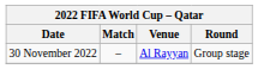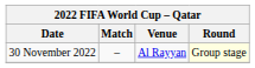 <table class="wikitable" style="margin:1em auto 1em auto; text-align:center; font-size:small;">
 <tr>
 <th colspan="4">2022 FIFA World Cup – Qatar</th>
 </tr>
 <tr>
 <th>Date</th>
 <th>Match</th>
 <th>Venue</th>
 <th>Round</th>
 </tr>
 <tr>
 <td>30 November 2022</td>
 <td> – </td>
 <td><a href='#'>Al Rayyan</a></td>
-<td>Group stage</td>
+<td style="background: lightyellow;">Group stage</td>
 </tr>
 <tr>
 </tr>
 </table>
